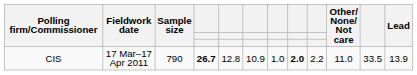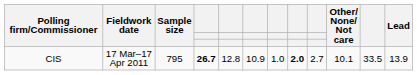 <table class="wikitable collapsible collapsed" style="text-align:center; font-size:90%; line-height:14px;">
 <tr style="height:42px;">
 <th style="width:250px;" rowspan="3">Polling firm/Commissioner</th>
 <th style="width:125px;" rowspan="3">Fieldwork date</th>
 <th style="width:50px;" rowspan="3">Sample size</th>
 <th style="width:55px;"></th>
 <th style="width:55px;"></th>
 <th style="width:55px;"></th>
 <th style="width:55px;"></th>
 <th style="width:55px;"></th>
 <th style="width:55px;"></th>
 <th style="width:55px;" rowspan="3">Other/<br>None/<br>Not<br>care</th>
 <th style="width:55px;" rowspan="3"></th>
 <th style="width:30px;" rowspan="3">Lead</th>
 </tr>
 <tr>
 <th style="color:inherit;background:"></th>
 <th style="color:inherit;background:"></th>
 <th style="color:inherit;background:"></th>
 <th style="color:inherit;background:"></th>
 <th style="color:inherit;background:"></th>
 <th style="color:inherit;background:"></th>
 </tr>
 <tr>
 <th></th>
 <th></th>
 <th></th>
 <th></th>
 <th></th>
 <th></th>
 </tr>
 <tr>
 <td>CIS</td>
 <td>17 Mar–17 Apr 2011</td>
-<td>790</td>
+<td>795</td>
 <td><strong>26.7</strong></td>
 <td>12.8</td>
 <td>10.9</td>
 <td>1.0</td>
 <td><strong>2.0</strong></td>
-<td>2.2</td>
-<td>11.0</td>
+<td>2.7</td>
+<td>10.1</td>
 <td>33.5</td>
 <td style="background:">13.9</td>
 </tr>
 </table>
